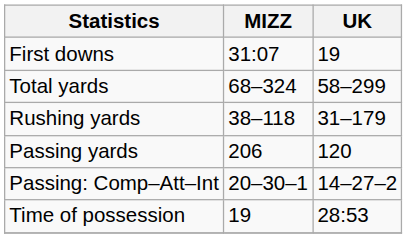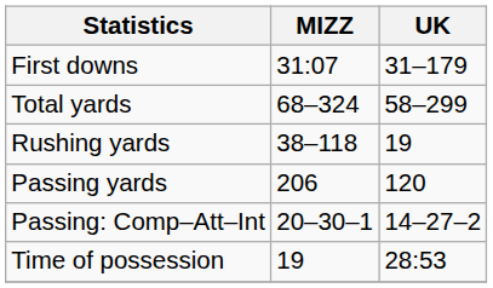 <table class="wikitable" style="float: left;">
 <tr>
 <th>Statistics</th>
 <th>MIZZ</th>
 <th>UK</th>
 </tr>
 <tr>
 <td>First downs</td>
 <td>31:07</td>
-<td>19</td>
+<td>31–179</td>
 </tr>
 <tr>
 <td>Total yards</td>
 <td>68–324</td>
 <td>58–299</td>
 </tr>
 <tr>
 <td>Rushing yards</td>
 <td>38–118</td>
-<td>31–179</td>
+<td>19</td>
 </tr>
 <tr>
 <td>Passing yards</td>
 <td>206</td>
 <td>120</td>
 </tr>
 <tr>
 <td>Passing: Comp–Att–Int</td>
 <td>20–30–1</td>
 <td>14–27–2</td>
 </tr>
 <tr>
 <td>Time of possession</td>
 <td>19</td>
 <td>28:53</td>
 </tr>
 <tr>
 </tr>
 </table>
